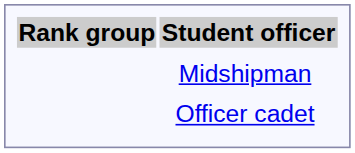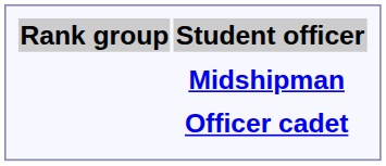 <table style="border:1px solid #8888aa; background-color:#f7f8ff; padding:5px; font-size:95%; margin: 0px 12px 12px 0px; text-align:center;">
 <tr bgcolor="#CCCCCC">
 <th>Rank group</th>
 <th colspan=2>Student officer</th>
 </tr>
 <tr>
 <td rowspan=2><strong></strong></td>
 <td></td>
 <td></td>
 </tr>
 <tr>
-<td><a href='#'>Midshipman</a></td>
+<td><strong><a href='#'>Midshipman</a></strong></td>
 </tr>
 <tr>
 <td rowspan=2><strong></strong></td>
 <td></td>
 <td></td>
 </tr>
 <tr>
-<td><a href='#'>Officer cadet</a></td>
+<td><strong><a href='#'>Officer cadet</a></strong></td>
 <td></td>
 </tr>
 <tr>
 <td></td>
 <td></td>
 <td></td>
 </tr>
 </table>
